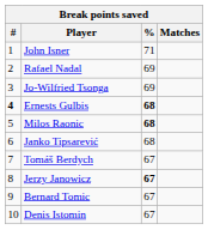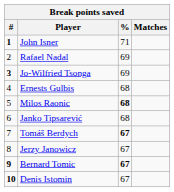 <table class="wikitable sortable" style=font-size:90%>
 <tr>
 <th colspan=4>Break points saved</th>
 </tr>
 <tr>
 <th>#</th>
 <th width=150>Player</th>
 <th>%</th>
 <th>Matches</th>
 </tr>
 <tr bgcolor=>
-<td>1</td>
+<td><strong>1</strong></td>
 <td> <a href='#'>John Isner</a></td>
 <td>71</td>
 <td></td>
 </tr>
 <tr>
 <td>2</td>
 <td> <a href='#'>Rafael Nadal</a></td>
 <td>69</td>
 <td></td>
 </tr>
 <tr bgcolor=>
-<td>3</td>
+<td><strong>3</strong></td>
 <td> <a href='#'>Jo-Wilfried Tsonga</a></td>
 <td>69</td>
 <td></td>
 </tr>
 <tr>
-<td><strong>4</strong></td>
+<td>4</td>
 <td> <a href='#'>Ernests Gulbis</a></td>
-<td><strong>68</strong></td>
+<td>68</td>
 <td></td>
 </tr>
 <tr bgcolor=>
 <td>5</td>
 <td> <a href='#'>Milos Raonic</a></td>
 <td><strong>68</strong></td>
 <td></td>
 </tr>
 <tr>
 <td>6</td>
 <td> <a href='#'>Janko Tipsarević</a></td>
 <td>68</td>
 <td></td>
 </tr>
 <tr bgcolor=>
 <td>7</td>
 <td> <a href='#'>Tomáš Berdych</a></td>
-<td>67</td>
+<td><strong>67</strong></td>
 <td></td>
 </tr>
 <tr>
 <td>8</td>
 <td> <a href='#'>Jerzy Janowicz</a></td>
+<td>67</td>
+<td></td>
+</tr>
+<tr bgcolor=>
+<td><strong>9</strong></td>
+<td> <a href='#'>Bernard Tomic</a></td>
 <td><strong>67</strong></td>
 <td></td>
 </tr>
-<tr bgcolor=>
-<td>9</td>
-<td> <a href='#'>Bernard Tomic</a></td>
-<td>67</td>
-<td></td>
-</tr>
 <tr>
-<td>10</td>
+<td><strong>10</strong></td>
 <td> <a href='#'>Denis Istomin</a></td>
 <td>67</td>
 <td></td>
 </tr>
 </table>
